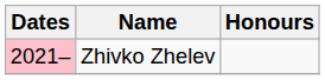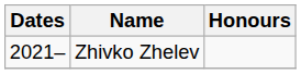 <table class="wikitable">
 <tr>
 <th>Dates</th>
 <th>Name</th>
 <th>Honours</th>
 </tr>
 <tr>
-<td style="background: pink;">2021–</td>
+<td>2021–</td>
 <td> Zhivko Zhelev</td>
 <td></td>
 </tr>
 <tr>
 </tr>
 </table>
